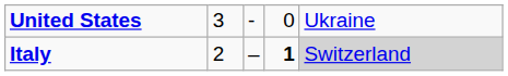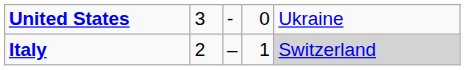 <table class="wikitable">
 <tr>
 <td width=150> <strong><a href='#'>United States</a></strong></td>
 <td style="width:20px; text-align:left;">3</td>
 <td>-</td>
 <td style="width:20px; text-align:right;">0</td>
 <td width=150> <a href='#'>Ukraine</a></td>
 </tr>
 <tr>
 <td> <strong><a href='#'>Italy</a></strong></td>
 <td style="text-align:left;">2</td>
 <td>–</td>
-<td style="text-align:right;"><strong>1</strong></td>
+<td style="text-align:right;">1</td>
 <td style="background: lightgrey;"> <a href='#'>Switzerland</a></td>
 </tr>
 </table>
